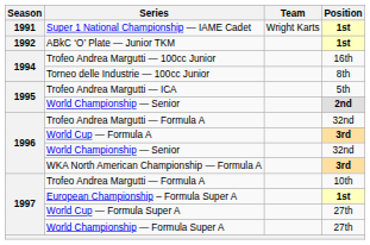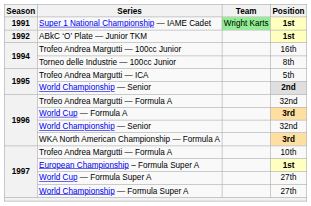 <table class="wikitable" style="font-size: 85%; text-align:center">
 <tr>
 <th>Season</th>
 <th>Series</th>
 <th>Team</th>
 <th>Position</th>
 </tr>
 <tr>
 <th>1991</th>
 <td align="left"><a href='#'>Super 1 National Championship</a> — IAME Cadet</td>
-<td align="left">Wright Karts</td>
+<td align="left" style="background: lightgreen;">Wright Karts</td>
 <td style="background:#FFFFBF;"><strong>1st</strong></td>
 </tr>
 <tr>
 <th>1992</th>
 <td align="left">ABkC ‘O’ Plate — Junior TKM</td>
 <td></td>
 <td style="background:#FFFFBF;"><strong>1st</strong></td>
 </tr>
 <tr>
 <th rowspan="2">1994</th>
 <td align="left">Trofeo Andrea Margutti — 100cc Junior</td>
 <td></td>
 <td>16th</td>
 </tr>
 <tr>
 <td align="left">Torneo delle Industrie — 100cc Junior</td>
 <td></td>
 <td>8th</td>
 </tr>
 <tr>
 <th rowspan="2">1995</th>
 <td align="left">Trofeo Andrea Margutti — ICA</td>
 <td></td>
 <td>5th</td>
 </tr>
 <tr>
 <td align="left"><a href='#'>World Championship</a> — Senior</td>
 <td></td>
 <td style="background:#DFDFDF;"><strong>2nd</strong></td>
 </tr>
 <tr>
 <th rowspan="4">1996</th>
 <td align="left">Trofeo Andrea Margutti — Formula A</td>
 <td></td>
 <td>32nd</td>
 </tr>
 <tr>
 <td align="left"><a href='#'>World Cup</a> — Formula A</td>
 <td></td>
 <td style="background:#FFDF9F;"><strong>3rd</strong></td>
 </tr>
 <tr>
 <td align="left"><a href='#'>World Championship</a> — Senior</td>
 <td></td>
 <td>32nd</td>
 </tr>
 <tr>
 <td align="left">WKA North American Championship — Formula A</td>
 <td></td>
 <td style="background:#FFDF9F;"><strong>3rd</strong></td>
 </tr>
 <tr>
 <th rowspan="4">1997</th>
 <td align="left">Trofeo Andrea Margutti — Formula A</td>
 <td></td>
 <td>10th</td>
 </tr>
 <tr>
 <td align="left"><a href='#'>European Championship</a> – Formula Super A</td>
 <td></td>
 <td style="background:#FFFFBF;"><strong>1st</strong></td>
 </tr>
 <tr>
 <td align="left"><a href='#'>World Cup</a> — Formula Super A</td>
 <td></td>
 <td>27th</td>
 </tr>
 <tr>
 <td align="left"><a href='#'>World Championship</a> — Formula Super A</td>
 <td></td>
 <td>27th</td>
 </tr>
 <tr>
 <th colspan=4></th>
 </tr>
 </table>
